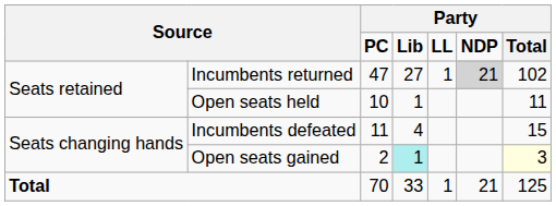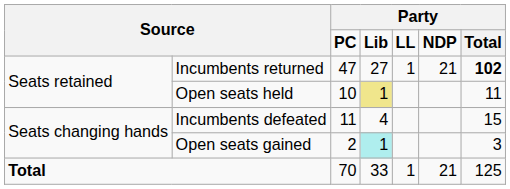 <table class="wikitable" style="text-align:right;">
 <tr>
 <th colspan="2" rowspan="2">Source</th>
 <th colspan="5">Party</th>
 </tr>
 <tr>
 <td><strong>PC</strong></td>
 <td><strong>Lib</strong></td>
 <td><strong>LL</strong></td>
 <td><strong>NDP</strong></td>
 <th>Total</th>
 </tr>
 <tr>
 <td rowspan="2" style="text-align:left;">Seats retained</td>
 <td style="text-align:left;">Incumbents returned</td>
 <td>47</td>
 <td>27</td>
 <td>1</td>
-<td style="background: lightgrey;">21</td>
-<td>102</td>
+<td>21</td>
+<td><strong>102</strong></td>
 </tr>
 <tr>
 <td style="text-align:left;">Open seats held</td>
 <td>10</td>
-<td>1</td>
+<td style="background: khaki;">1</td>
 <td></td>
 <td></td>
 <td>11</td>
 </tr>
 <tr>
 <td rowspan="2" style="text-align:left;">Seats changing hands</td>
 <td style="text-align:left;">Incumbents defeated</td>
 <td>11</td>
 <td>4</td>
 <td></td>
 <td></td>
 <td>15</td>
 </tr>
 <tr>
 <td style="text-align:left;">Open seats gained</td>
 <td>2</td>
 <td style="background: paleturquoise;">1</td>
 <td></td>
 <td></td>
-<td style="background: lightyellow;">3</td>
+<td>3</td>
 </tr>
 <tr>
 <td colspan="2" style="text-align:left;"><strong>Total</strong></td>
 <td>70</td>
 <td>33</td>
 <td>1</td>
 <td>21</td>
 <td>125</td>
 </tr>
 </table>
